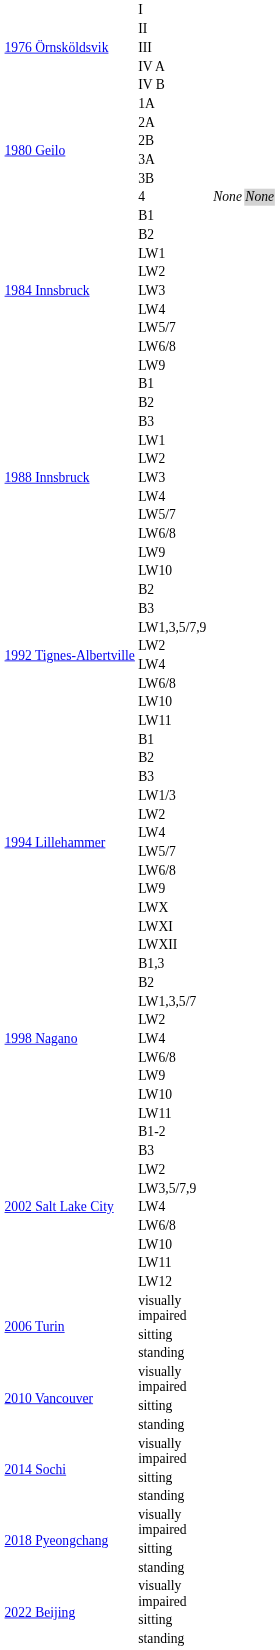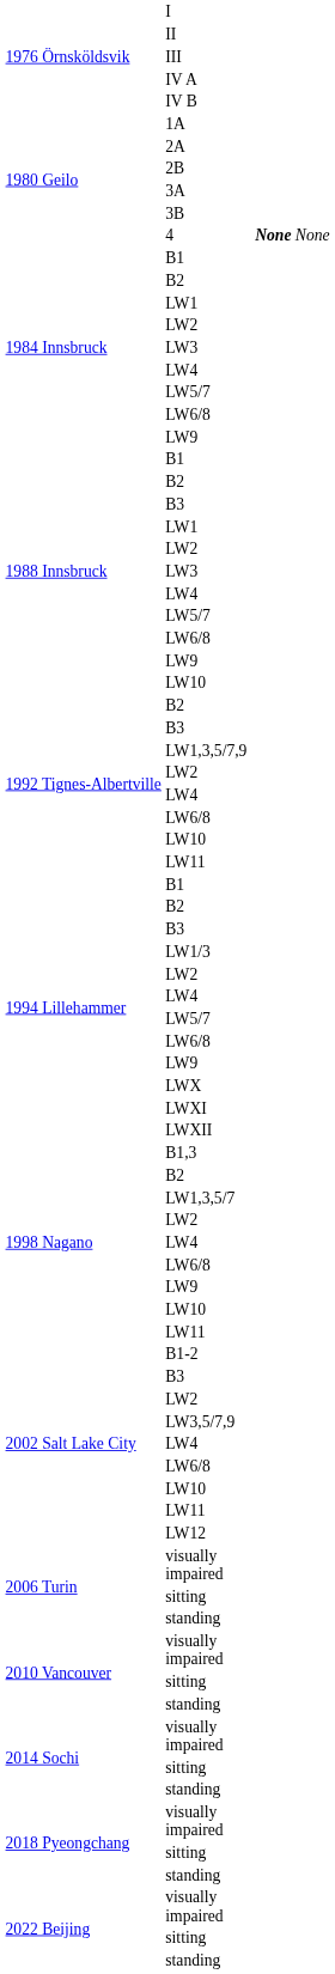 <table>
 <tr>
 <td rowspan="5"><a href='#'>1976 Örnsköldsvik</a><br></td>
 <td>I</td>
 <td></td>
 <td></td>
 <td></td>
 </tr>
 <tr>
 <td>II</td>
 <td></td>
 <td></td>
 <td></td>
 </tr>
 <tr>
 <td>III</td>
 <td></td>
 <td></td>
 <td></td>
 </tr>
 <tr>
 <td>IV A</td>
 <td></td>
 <td></td>
 <td></td>
 </tr>
 <tr>
 <td>IV B</td>
 <td></td>
 <td></td>
 <td></td>
 </tr>
 <tr>
 <td rowspan="6"><a href='#'>1980 Geilo</a><br></td>
 <td>1A</td>
 <td></td>
 <td></td>
 <td></td>
 </tr>
 <tr>
 <td>2A</td>
 <td></td>
 <td></td>
 <td></td>
 </tr>
 <tr>
 <td>2B</td>
 <td></td>
 <td></td>
 <td></td>
 </tr>
 <tr>
 <td>3A</td>
 <td></td>
 <td></td>
 <td></td>
 </tr>
 <tr>
 <td>3B</td>
 <td></td>
 <td></td>
 <td></td>
 </tr>
 <tr>
 <td>4</td>
 <td></td>
+<td align="center"><strong><em>None</em></strong></td>
 <td align="center"><em>None</em></td>
-<td align="center" style="background: lightgrey;"><em>None</em></td>
 </tr>
 <tr>
 <td rowspan="9"><a href='#'>1984 Innsbruck</a><br></td>
 <td>B1</td>
 <td></td>
 <td></td>
 <td></td>
 </tr>
 <tr>
 <td>B2</td>
 <td></td>
 <td></td>
 <td></td>
 </tr>
 <tr>
 <td>LW1</td>
 <td></td>
 <td></td>
 <td></td>
 </tr>
 <tr>
 <td>LW2</td>
 <td></td>
 <td></td>
 <td></td>
 </tr>
 <tr>
 <td>LW3</td>
 <td></td>
 <td></td>
 <td></td>
 </tr>
 <tr>
 <td>LW4</td>
 <td></td>
 <td></td>
 <td></td>
 </tr>
 <tr>
 <td>LW5/7</td>
 <td></td>
 <td></td>
 <td></td>
 </tr>
 <tr>
 <td>LW6/8</td>
 <td></td>
 <td></td>
 <td></td>
 </tr>
 <tr>
 <td>LW9</td>
 <td></td>
 <td></td>
 <td></td>
 </tr>
 <tr>
 <td rowspan="11"><a href='#'>1988 Innsbruck</a><br></td>
 <td>B1</td>
 <td></td>
 <td></td>
 <td></td>
 </tr>
 <tr>
 <td>B2</td>
 <td></td>
 <td></td>
 <td></td>
 </tr>
 <tr>
 <td>B3</td>
 <td></td>
 <td></td>
 <td></td>
 </tr>
 <tr>
 <td>LW1</td>
 <td></td>
 <td></td>
 <td></td>
 </tr>
 <tr>
 <td>LW2</td>
 <td></td>
 <td></td>
 <td></td>
 </tr>
 <tr>
 <td>LW3</td>
 <td></td>
 <td></td>
 <td></td>
 </tr>
 <tr>
 <td>LW4</td>
 <td></td>
 <td></td>
 <td></td>
 </tr>
 <tr>
 <td>LW5/7</td>
 <td></td>
 <td></td>
 <td></td>
 </tr>
 <tr>
 <td>LW6/8</td>
 <td></td>
 <td></td>
 <td></td>
 </tr>
 <tr>
 <td>LW9</td>
 <td></td>
 <td></td>
 <td></td>
 </tr>
 <tr>
 <td>LW10</td>
 <td></td>
 <td></td>
 <td></td>
 </tr>
 <tr>
 <td rowspan="8"><a href='#'>1992 Tignes-Albertville</a><br></td>
 <td>B2</td>
 <td></td>
 <td></td>
 <td></td>
 </tr>
 <tr>
 <td>B3</td>
 <td></td>
 <td></td>
 <td></td>
 </tr>
 <tr>
 <td>LW1,3,5/7,9</td>
 <td></td>
 <td></td>
 <td></td>
 </tr>
 <tr>
 <td>LW2</td>
 <td></td>
 <td></td>
 <td></td>
 </tr>
 <tr>
 <td>LW4</td>
 <td></td>
 <td></td>
 <td></td>
 </tr>
 <tr>
 <td>LW6/8</td>
 <td></td>
 <td></td>
 <td></td>
 </tr>
 <tr>
 <td>LW10</td>
 <td></td>
 <td></td>
 <td></td>
 </tr>
 <tr>
 <td>LW11</td>
 <td></td>
 <td></td>
 <td></td>
 </tr>
 <tr>
 <td rowspan="12"><a href='#'>1994 Lillehammer</a><br></td>
 <td>B1</td>
 <td></td>
 <td></td>
 <td></td>
 </tr>
 <tr>
 <td>B2</td>
 <td></td>
 <td></td>
 <td></td>
 </tr>
 <tr>
 <td>B3</td>
 <td></td>
 <td></td>
 <td></td>
 </tr>
 <tr>
 <td>LW1/3</td>
 <td></td>
 <td></td>
 <td></td>
 </tr>
 <tr>
 <td>LW2</td>
 <td></td>
 <td></td>
 <td></td>
 </tr>
 <tr>
 <td>LW4</td>
 <td></td>
 <td></td>
 <td></td>
 </tr>
 <tr>
 <td>LW5/7</td>
 <td></td>
 <td></td>
 <td></td>
 </tr>
 <tr>
 <td>LW6/8</td>
 <td></td>
 <td></td>
 <td></td>
 </tr>
 <tr>
 <td>LW9</td>
 <td></td>
 <td></td>
 <td></td>
 </tr>
 <tr>
 <td>LWX</td>
 <td></td>
 <td></td>
 <td></td>
 </tr>
 <tr>
 <td>LWXI</td>
 <td></td>
 <td></td>
 <td></td>
 </tr>
 <tr>
 <td>LWXII</td>
 <td></td>
 <td></td>
 <td></td>
 </tr>
 <tr>
 <td rowspan="9"><a href='#'>1998 Nagano</a><br></td>
 <td>B1,3</td>
 <td></td>
 <td></td>
 <td></td>
 </tr>
 <tr>
 <td>B2</td>
 <td></td>
 <td></td>
 <td></td>
 </tr>
 <tr>
 <td>LW1,3,5/7</td>
 <td></td>
 <td></td>
 <td></td>
 </tr>
 <tr>
 <td>LW2</td>
 <td></td>
 <td></td>
 <td></td>
 </tr>
 <tr>
 <td>LW4</td>
 <td></td>
 <td></td>
 <td></td>
 </tr>
 <tr>
 <td>LW6/8</td>
 <td></td>
 <td></td>
 <td></td>
 </tr>
 <tr>
 <td>LW9</td>
 <td></td>
 <td></td>
 <td></td>
 </tr>
 <tr>
 <td>LW10</td>
 <td></td>
 <td></td>
 <td></td>
 </tr>
 <tr>
 <td>LW11</td>
 <td></td>
 <td></td>
 <td></td>
 </tr>
 <tr>
 <td rowspan="9"><a href='#'>2002 Salt Lake City</a><br></td>
 <td>B1-2</td>
 <td></td>
 <td></td>
 <td></td>
 </tr>
 <tr>
 <td>B3</td>
 <td></td>
 <td></td>
 <td></td>
 </tr>
 <tr>
 <td>LW2</td>
 <td></td>
 <td></td>
 <td></td>
 </tr>
 <tr>
 <td>LW3,5/7,9</td>
 <td></td>
 <td></td>
 <td></td>
 </tr>
 <tr>
 <td>LW4</td>
 <td></td>
 <td></td>
 <td></td>
 </tr>
 <tr>
 <td>LW6/8</td>
 <td></td>
 <td></td>
 <td></td>
 </tr>
 <tr>
 <td>LW10</td>
 <td></td>
 <td></td>
 <td></td>
 </tr>
 <tr>
 <td>LW11</td>
 <td></td>
 <td></td>
 <td></td>
 </tr>
 <tr>
 <td>LW12</td>
 <td></td>
 <td></td>
 <td></td>
 </tr>
 <tr>
 <td rowspan="3"><a href='#'>2006 Turin</a><br></td>
 <td>visually <br>impaired</td>
 <td></td>
 <td></td>
 <td></td>
 </tr>
 <tr>
 <td>sitting</td>
 <td></td>
 <td></td>
 <td></td>
 </tr>
 <tr>
 <td>standing</td>
 <td></td>
 <td></td>
 <td></td>
 </tr>
 <tr>
 <td rowspan="3"><a href='#'>2010 Vancouver</a><br></td>
 <td>visually <br>impaired</td>
 <td></td>
 <td></td>
 <td></td>
 </tr>
 <tr>
 <td>sitting</td>
 <td></td>
 <td></td>
 <td></td>
 </tr>
 <tr>
 <td>standing</td>
 <td></td>
 <td></td>
 <td></td>
 </tr>
 <tr>
 <td rowspan="3"><a href='#'>2014 Sochi</a><br></td>
 <td>visually <br>impaired</td>
 <td></td>
 <td></td>
 <td></td>
 </tr>
 <tr>
 <td>sitting</td>
 <td></td>
 <td></td>
 <td></td>
 </tr>
 <tr>
 <td>standing</td>
 <td></td>
 <td></td>
 <td></td>
 </tr>
 <tr>
 <td rowspan="3"><a href='#'>2018 Pyeongchang</a><br></td>
 <td>visually <br>impaired</td>
 <td></td>
 <td></td>
 <td></td>
 </tr>
 <tr>
 <td>sitting</td>
 <td></td>
 <td></td>
 <td></td>
 </tr>
 <tr>
 <td>standing</td>
 <td></td>
 <td></td>
 <td></td>
 </tr>
 <tr>
 <td rowspan="3"><a href='#'>2022 Beijing</a><br></td>
 <td>visually <br>impaired</td>
 <td></td>
 <td></td>
 <td></td>
 </tr>
 <tr>
 <td>sitting</td>
 <td></td>
 <td></td>
 <td></td>
 </tr>
 <tr>
 <td>standing</td>
 <td></td>
 <td></td>
 <td></td>
 </tr>
 </table>
